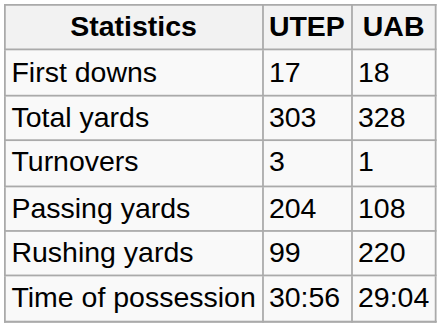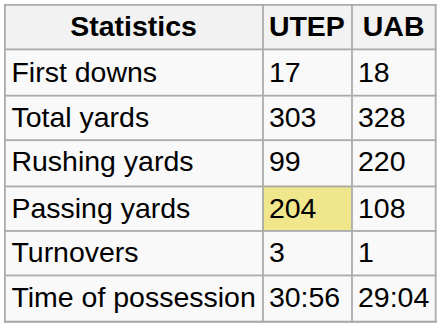 <table class="wikitable">
 <tr>
 <th>Statistics</th>
 <th>UTEP</th>
 <th>UAB</th>
 </tr>
 <tr>
 <td>First downs</td>
 <td>17</td>
 <td>18</td>
 </tr>
 <tr>
 <td>Total yards</td>
 <td>303</td>
 <td>328</td>
 </tr>
 <tr>
+<td>Rushing yards</td>
+<td>99</td>
+<td>220</td>
+</tr>
+<tr>
+<td>Passing yards</td>
+<td style="background: khaki;">204</td>
+<td>108</td>
+</tr>
+<tr>
 <td>Turnovers</td>
 <td>3</td>
 <td>1</td>
-</tr>
-<tr>
-<td>Passing yards</td>
-<td>204</td>
-<td>108</td>
-</tr>
-<tr>
-<td>Rushing yards</td>
-<td>99</td>
-<td>220</td>
 </tr>
 <tr>
 <td>Time of possession</td>
 <td>30:56</td>
 <td>29:04</td>
 </tr>
 <tr>
 </tr>
 </table>
